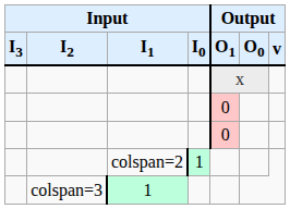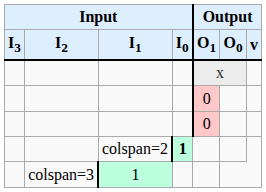 <table class="wikitable" style="margin:1em auto 1em auto; text-align:center;">
 <tr style="background:#def; font-weight:bold">
 <td colspan=4>Input</td>
 <td colspan=3 style="border-left:2px solid #000;">Output</td>
 </tr>
 <tr style="border-bottom:2px solid #000; background:#def; font-weight:bold">
 <td>I<sub>3</sub></td>
 <td>I<sub>2</sub></td>
 <td>I<sub>1</sub></td>
 <td>I<sub>0</sub></td>
 <td style="border-left:2px solid #000;">O<sub>1</sub></td>
 <td>O<sub>0</sub></td>
 <td>v</td>
 </tr>
 <tr>
 <td></td>
 <td></td>
 <td></td>
 <td></td>
 <td colspan=2 style="background: #ececec; color: #2C2C2C; border-left:2px solid #000;">x</td>
 <td></td>
 </tr>
 <tr>
 <td></td>
 <td></td>
 <td></td>
 <td></td>
 <td style="background: #FFC7C7; color: black; border-left:2px solid #000;">0</td>
 <td></td>
 <td></td>
 </tr>
 <tr>
 <td></td>
 <td></td>
 <td></td>
 <td></td>
 <td style="background: #FFC7C7; color: black; border-left:2px solid #000;">0</td>
 <td></td>
 <td></td>
 </tr>
 <tr>
 <td></td>
 <td></td>
 <td>colspan=2 </td>
-<td style="background:#bfd; color:black; border-left:2px solid #000;">1</td>
+<td style="background:#bfd; color:black; border-left:2px solid #000;"><strong>1</strong></td>
 <td></td>
 <td></td>
 </tr>
 <tr>
 <td></td>
 <td>colspan=3 </td>
 <td style="background:#bfd; color:black; border-left:2px solid #000;">1</td>
 <td></td>
 <td></td>
 </tr>
 </table>
